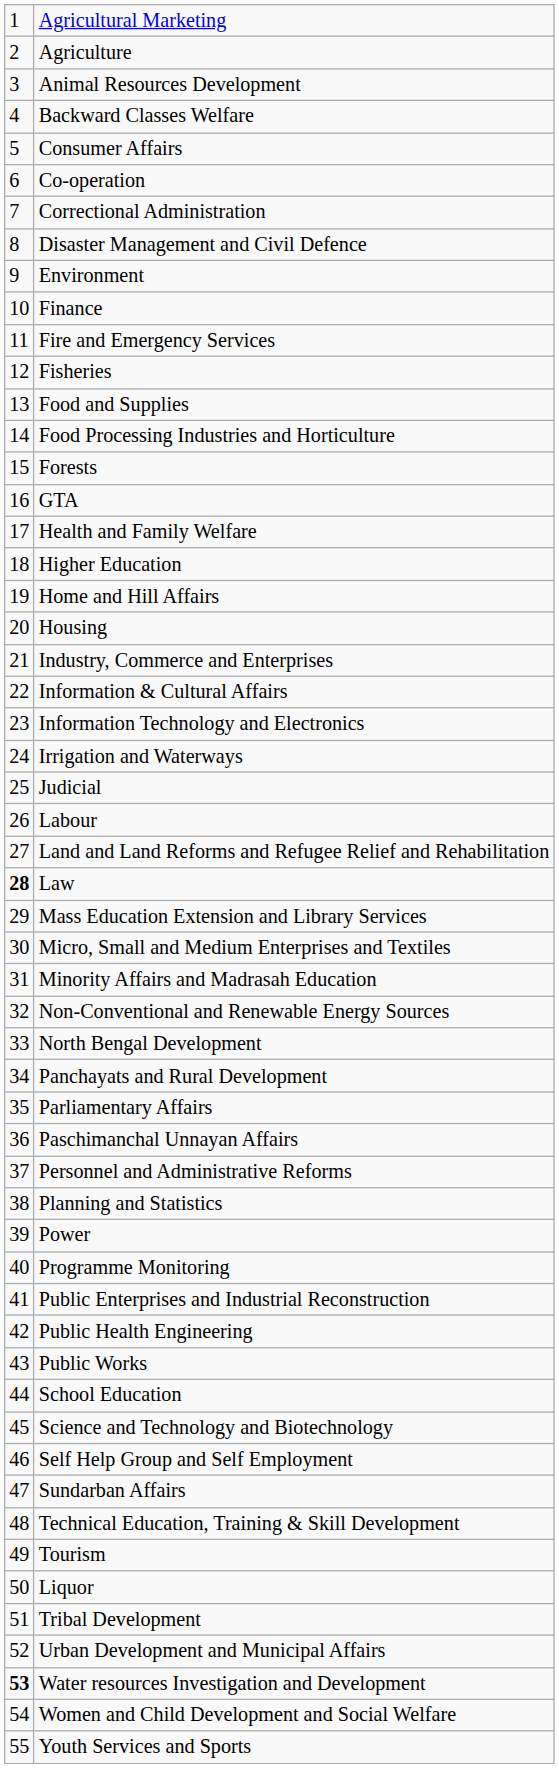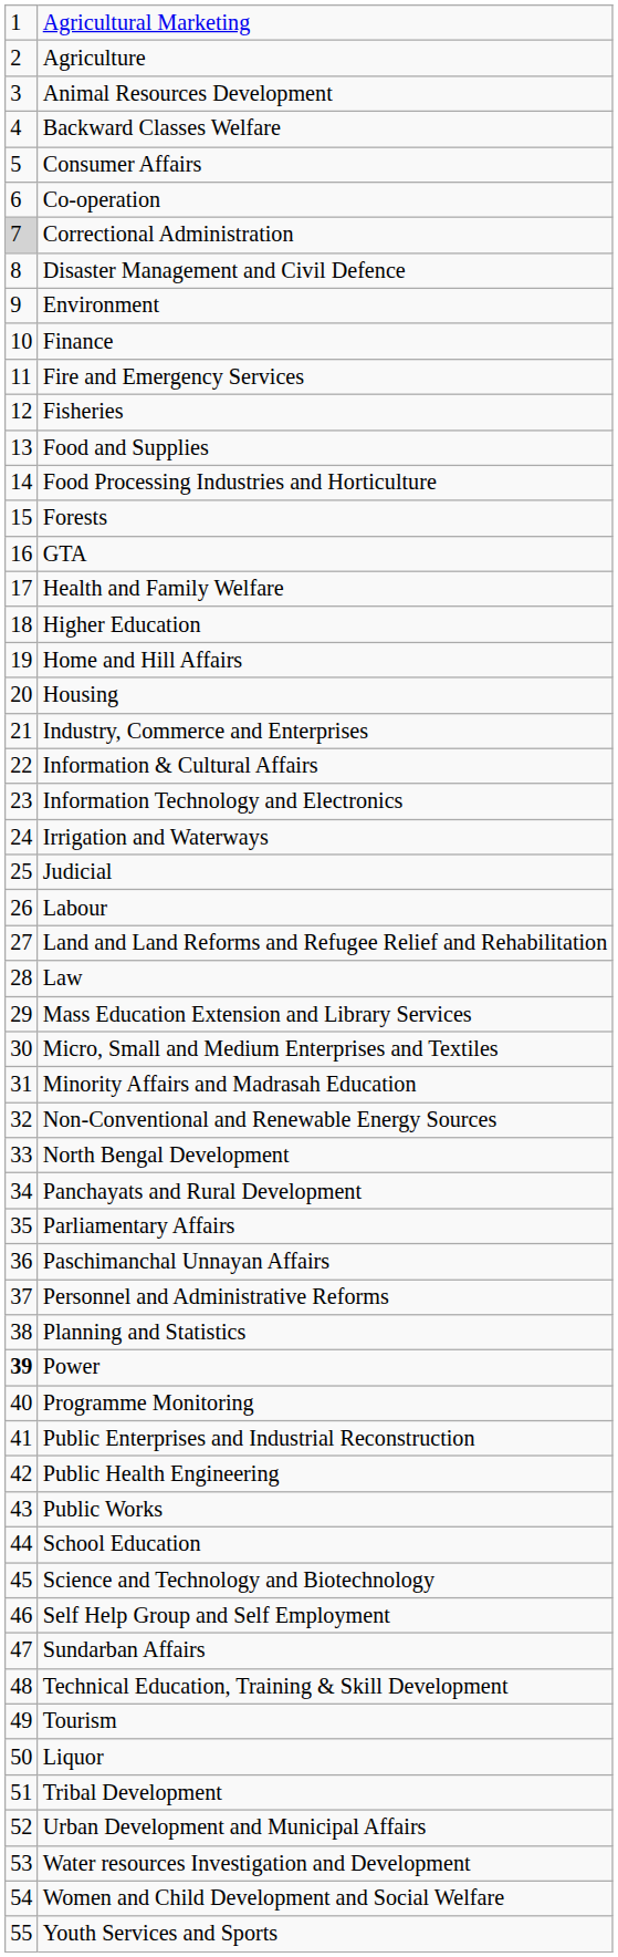 <table class="wikitable sortable mw-collapsible">
 <tr>
 <td>1</td>
 <td><a href='#'>Agricultural Marketing</a></td>
 </tr>
 <tr>
 <td>2</td>
 <td>Agriculture</td>
 </tr>
 <tr>
 <td>3</td>
 <td>Animal Resources Development</td>
 </tr>
 <tr>
 <td>4</td>
 <td>Backward Classes Welfare</td>
 </tr>
 <tr>
 <td>5</td>
 <td>Consumer Affairs</td>
 </tr>
 <tr>
 <td>6</td>
 <td>Co-operation</td>
 </tr>
 <tr>
-<td>7</td>
+<td style="background: lightgrey;">7</td>
 <td>Correctional Administration</td>
 </tr>
 <tr>
 <td>8</td>
 <td>Disaster Management and Civil Defence</td>
 </tr>
 <tr>
 <td>9</td>
 <td>Environment</td>
 </tr>
 <tr>
 <td>10</td>
 <td>Finance</td>
 </tr>
 <tr>
 <td>11</td>
 <td>Fire and Emergency Services</td>
 </tr>
 <tr>
 <td>12</td>
 <td>Fisheries</td>
 </tr>
 <tr>
 <td>13</td>
 <td>Food and Supplies</td>
 </tr>
 <tr>
 <td>14</td>
 <td>Food Processing Industries and Horticulture</td>
 </tr>
 <tr>
 <td>15</td>
 <td>Forests</td>
 </tr>
 <tr>
 <td>16</td>
 <td>GTA</td>
 </tr>
 <tr>
 <td>17</td>
 <td>Health and Family Welfare</td>
 </tr>
 <tr>
 <td>18</td>
 <td>Higher Education</td>
 </tr>
 <tr>
 <td>19</td>
 <td>Home and Hill Affairs</td>
 </tr>
 <tr>
 <td>20</td>
 <td>Housing</td>
 </tr>
 <tr>
 <td>21</td>
 <td>Industry, Commerce and Enterprises</td>
 </tr>
 <tr>
 <td>22</td>
 <td>Information & Cultural Affairs</td>
 </tr>
 <tr>
 <td>23</td>
 <td>Information Technology and Electronics</td>
 </tr>
 <tr>
 <td>24</td>
 <td>Irrigation and Waterways</td>
 </tr>
 <tr>
 <td>25</td>
 <td>Judicial</td>
 </tr>
 <tr>
 <td>26</td>
 <td>Labour</td>
 </tr>
 <tr>
 <td>27</td>
 <td>Land and Land Reforms and Refugee Relief and  Rehabilitation</td>
 </tr>
 <tr>
-<td><strong>28</strong></td>
+<td>28</td>
 <td>Law</td>
 </tr>
 <tr>
 <td>29</td>
 <td>Mass Education Extension and Library Services</td>
 </tr>
 <tr>
 <td>30</td>
 <td>Micro, Small and Medium Enterprises and  Textiles</td>
 </tr>
 <tr>
 <td>31</td>
 <td>Minority Affairs and Madrasah Education</td>
 </tr>
 <tr>
 <td>32</td>
 <td>Non-Conventional and Renewable Energy Sources</td>
 </tr>
 <tr>
 <td>33</td>
 <td>North Bengal Development</td>
 </tr>
 <tr>
 <td>34</td>
 <td>Panchayats and Rural Development</td>
 </tr>
 <tr>
 <td>35</td>
 <td>Parliamentary Affairs</td>
 </tr>
 <tr>
 <td>36</td>
 <td>Paschimanchal Unnayan Affairs</td>
 </tr>
 <tr>
 <td>37</td>
 <td>Personnel and Administrative Reforms</td>
 </tr>
 <tr>
 <td>38</td>
 <td>Planning and Statistics</td>
 </tr>
 <tr>
-<td>39</td>
+<td><strong>39</strong></td>
 <td>Power</td>
 </tr>
 <tr>
 <td>40</td>
 <td>Programme Monitoring</td>
 </tr>
 <tr>
 <td>41</td>
 <td>Public Enterprises and Industrial  Reconstruction</td>
 </tr>
 <tr>
 <td>42</td>
 <td>Public Health Engineering</td>
 </tr>
 <tr>
 <td>43</td>
 <td>Public Works</td>
 </tr>
 <tr>
 <td>44</td>
 <td>School Education</td>
 </tr>
 <tr>
 <td>45</td>
 <td>Science and Technology and Biotechnology</td>
 </tr>
 <tr>
 <td>46</td>
 <td>Self Help Group and Self Employment</td>
 </tr>
 <tr>
 <td>47</td>
 <td>Sundarban Affairs</td>
 </tr>
 <tr>
 <td>48</td>
 <td>Technical Education, Training & Skill  Development</td>
 </tr>
 <tr>
 <td>49</td>
 <td>Tourism</td>
 </tr>
 <tr>
 <td>50</td>
 <td>Liquor</td>
 </tr>
 <tr>
 <td>51</td>
 <td>Tribal Development</td>
 </tr>
 <tr>
 <td>52</td>
 <td>Urban Development and Municipal Affairs</td>
 </tr>
 <tr>
-<td><strong>53</strong></td>
+<td>53</td>
 <td>Water resources Investigation and Development</td>
 </tr>
 <tr>
 <td>54</td>
 <td>Women and Child Development and Social Welfare</td>
 </tr>
 <tr>
 <td>55</td>
 <td>Youth Services and Sports</td>
 </tr>
 </table>
